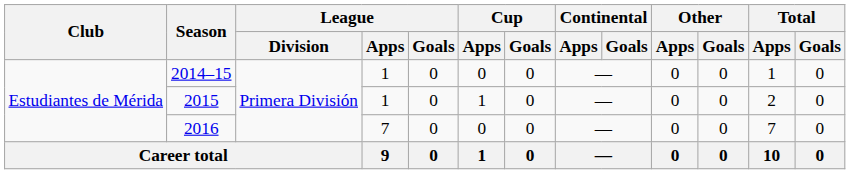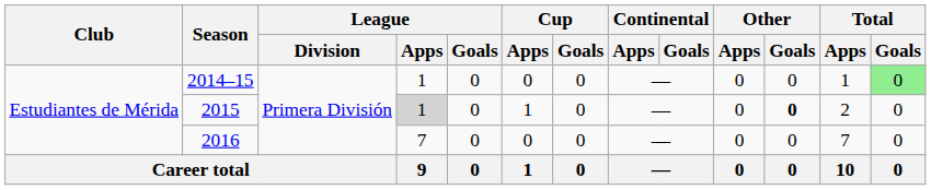 <table class="wikitable" style="text-align:center">
 <tr>
 <th rowspan="2">Club</th>
 <th rowspan="2">Season</th>
 <th colspan="3">League</th>
 <th colspan="2">Cup</th>
 <th colspan="2">Continental</th>
 <th colspan="2">Other</th>
 <th colspan="2">Total</th>
 </tr>
 <tr>
 <th>Division</th>
 <th>Apps</th>
 <th>Goals</th>
 <th>Apps</th>
 <th>Goals</th>
 <th>Apps</th>
 <th>Goals</th>
 <th>Apps</th>
 <th>Goals</th>
 <th>Apps</th>
 <th>Goals</th>
 </tr>
 <tr>
 <td rowspan="3"><a href='#'>Estudiantes de Mérida</a></td>
 <td><a href='#'>2014–15</a></td>
 <td rowspan="3"><a href='#'>Primera División</a></td>
 <td>1</td>
 <td>0</td>
 <td>0</td>
 <td>0</td>
 <td colspan="2">—</td>
 <td>0</td>
 <td>0</td>
 <td>1</td>
-<td>0</td>
+<td style="background: lightgreen;">0</td>
 </tr>
 <tr>
 <td><a href='#'>2015</a></td>
-<td>1</td>
+<td style="background: lightgrey;">1</td>
 <td>0</td>
 <td>1</td>
 <td>0</td>
 <td colspan="2">—</td>
 <td>0</td>
-<td>0</td>
+<td><strong>0</strong></td>
 <td>2</td>
 <td>0</td>
 </tr>
 <tr>
 <td><a href='#'>2016</a></td>
 <td>7</td>
 <td>0</td>
 <td>0</td>
 <td>0</td>
 <td colspan="2">—</td>
 <td>0</td>
 <td>0</td>
 <td>7</td>
 <td>0</td>
 </tr>
 <tr>
 <th colspan="3">Career total</th>
 <th>9</th>
 <th>0</th>
 <th>1</th>
 <th>0</th>
 <th colspan="2">—</th>
 <th>0</th>
 <th>0</th>
 <th>10</th>
 <th>0</th>
 </tr>
 </table>
